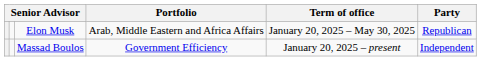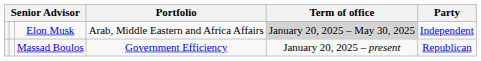 <table class="wikitable" style="text-align:center">
 <tr>
 <th colspan="3">Senior Advisor</th>
 <th>Portfolio</th>
 <th>Term of office</th>
 <th>Party</th>
 </tr>
 <tr>
 <th style="background:"></th>
 <td></td>
 <td><a href='#'>Elon Musk</a><br></td>
 <td>Arab, Middle Eastern and Africa Affairs</td>
-<td>January 20, 2025 – May 30, 2025</td>
-<td><a href='#'>Republican</a></td>
+<td style="background: lightgrey;">January 20, 2025 – May 30, 2025</td>
+<td><a href='#'>Independent</a></td>
 </tr>
 <tr>
 <th style="background:"></th>
 <td></td>
 <td><a href='#'>Massad Boulos</a><br></td>
 <td><a href='#'>Government Efficiency</a></td>
 <td>January 20, 2025 – <em>present</em></td>
-<td><a href='#'>Independent</a></td>
+<td><a href='#'>Republican</a></td>
 </tr>
 </table>
